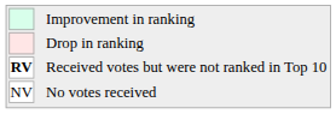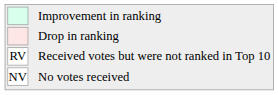 <table align="right" style="font-size:90%; border:1px solid #aaaaaa; white-space:nowrap; background:#eeeeee;">
 <tr>
 <td style="background:#d8ffeb; width:20px; border:1px solid #aaaaaa;"> </td>
 <td rowspan="5"> </td>
 <td>Improvement in ranking</td>
 </tr>
 <tr>
 <td style="background:#ffe6e6; width:20px; border:1px solid #aaaaaa;"> </td>
 <td>Drop in ranking</td>
 </tr>
 <tr>
-<td align="center" style="width:20px; border:1px solid #aaaaaa; background:white;"><strong>RV</strong></td>
+<td align="center" style="width:20px; border:1px solid #aaaaaa; background:white;">RV</td>
 <td>Received votes but were not ranked in Top 10</td>
 </tr>
 <tr>
 <td align="center" style="width:20px; border:1px solid #aaaaaa; background:white;">NV</td>
 <td>No votes received</td>
 </tr>
 <tr>
 </tr>
 </table>
